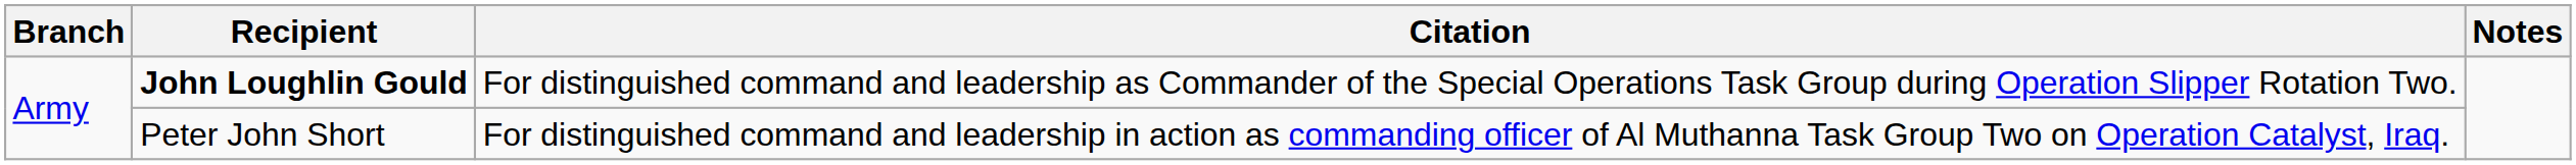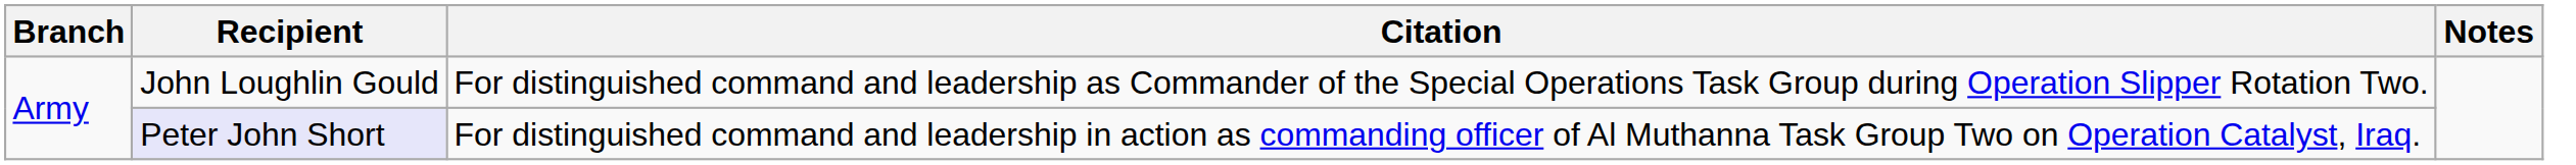 <table class="wikitable" style="font-size:95%;">
 <tr>
 <th>Branch</th>
 <th>Recipient</th>
 <th>Citation</th>
 <th>Notes</th>
 </tr>
 <tr>
 <td rowspan=2><a href='#'>Army</a></td>
-<td><strong> John Loughlin Gould</strong></td>
+<td> John Loughlin Gould</td>
 <td>For distinguished command and leadership as Commander of the Special Operations Task Group during <a href='#'>Operation Slipper</a> Rotation Two.</td>
 <td rowspan=2></td>
 </tr>
 <tr>
-<td> Peter John Short</td>
+<td style="background: lavender;"> Peter John Short</td>
 <td>For distinguished command and leadership in action as <a href='#'>commanding officer</a> of Al Muthanna Task Group Two on <a href='#'>Operation Catalyst</a>, <a href='#'>Iraq</a>.</td>
 </tr>
 </table>
